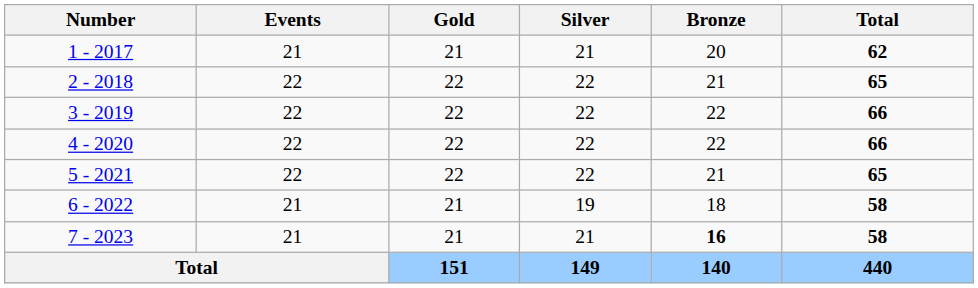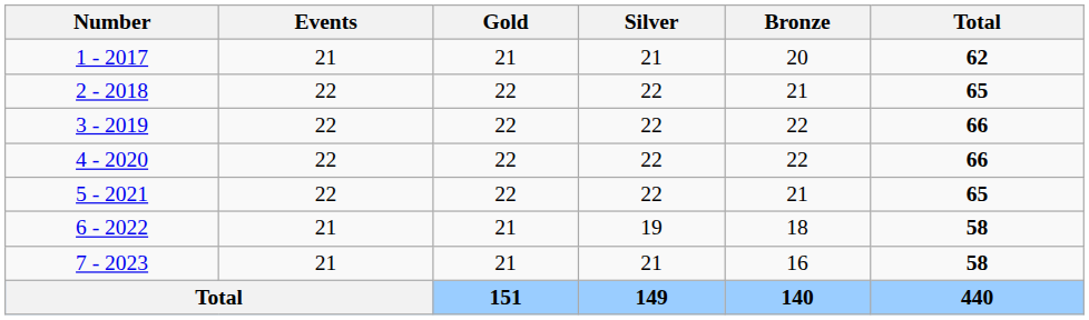 <table class="wikitable" style="font-size:100%">
 <tr>
 <th width=150>Number</th>
 <th width=150>Events</th>
 <th width=100>Gold</th>
 <th width=100>Silver</th>
 <th width=100>Bronze</th>
 <th width=150>Total</th>
 </tr>
 <tr>
 <td align=center><a href='#'>1 - 2017</a></td>
 <td align=center>21</td>
 <td align=center>21</td>
 <td align=center>21</td>
 <td align=center>20</td>
 <td align=center><strong>62</strong></td>
 </tr>
 <tr>
 <td align=center><a href='#'>2 - 2018</a></td>
 <td align=center>22</td>
 <td align=center>22</td>
 <td align=center>22</td>
 <td align=center>21</td>
 <td align=center><strong>65</strong></td>
 </tr>
 <tr>
 <td align=center><a href='#'>3 - 2019</a></td>
 <td align=center>22</td>
 <td align=center>22</td>
 <td align=center>22</td>
 <td align=center>22</td>
 <td align=center><strong>66</strong></td>
 </tr>
 <tr>
 <td align=center><a href='#'>4 - 2020</a></td>
 <td align=center>22</td>
 <td align=center>22</td>
 <td align=center>22</td>
 <td align=center>22</td>
 <td align=center><strong>66</strong></td>
 </tr>
 <tr>
 <td align=center><a href='#'>5 - 2021</a></td>
 <td align=center>22</td>
 <td align=center>22</td>
 <td align=center>22</td>
 <td align=center>21</td>
 <td align=center><strong>65</strong></td>
 </tr>
 <tr>
 <td align=center><a href='#'>6 - 2022</a></td>
 <td align=center>21</td>
 <td align=center>21</td>
 <td align=center>19</td>
 <td align=center>18</td>
 <td align=center><strong>58</strong></td>
 </tr>
 <tr>
 <td align=center><a href='#'>7 - 2023</a></td>
 <td align=center>21</td>
 <td align=center>21</td>
 <td align=center>21</td>
-<td align=center><strong>16</strong></td>
+<td align=center>16</td>
 <td align=center><strong>58</strong></td>
 </tr>
 <tr style="background:#9acdff;">
 <th colspan=2>Total</th>
 <td align=center><strong>151</strong></td>
 <td align=center><strong>149</strong></td>
 <td align=center><strong>140</strong></td>
 <td align=center><strong>440</strong></td>
 </tr>
 </table>
